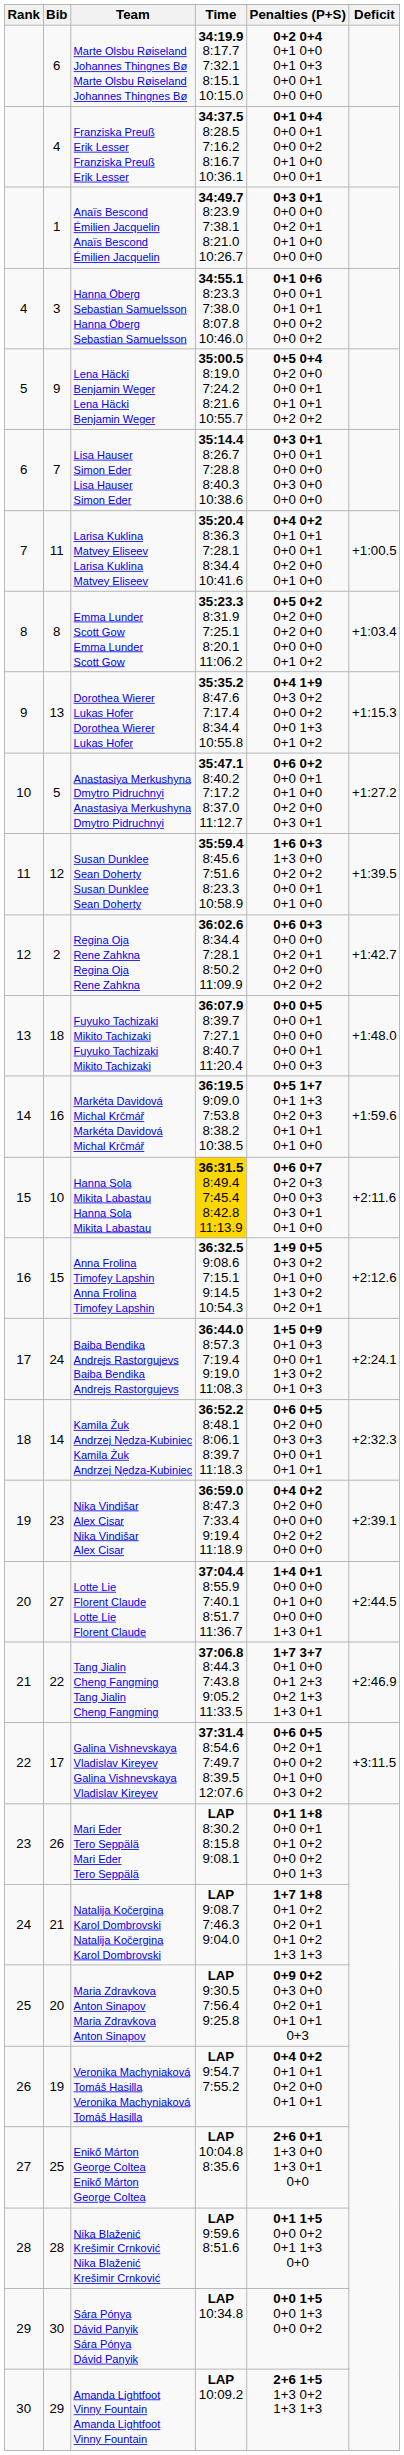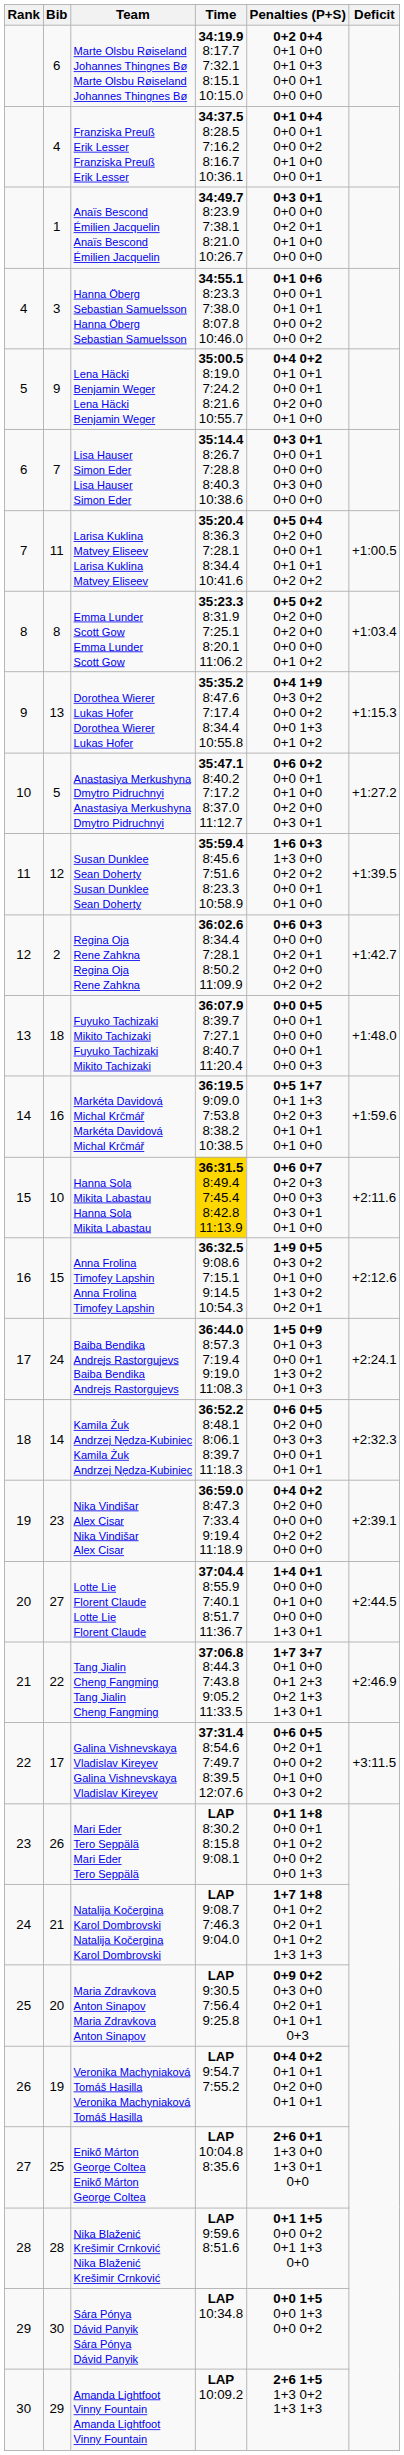 <table class="wikitable sortable" style="text-align:center">
 <tr>
 <th>Rank</th>
 <th>Bib</th>
 <th>Team</th>
 <th>Time</th>
 <th>Penalties (P+S)</th>
 <th>Deficit</th>
 </tr>
 <tr>
 <td></td>
 <td>6</td>
 <td align=left><br><small><a href='#'>Marte Olsbu Røiseland</a><br><a href='#'>Johannes Thingnes Bø</a><br><a href='#'>Marte Olsbu Røiseland</a><br><a href='#'>Johannes Thingnes Bø</a></small></td>
 <td><strong>34:19.9</strong><br>8:17.7<br>7:32.1<br>8:15.1<br>10:15.0</td>
 <td><strong>0+2 0+4</strong><br>0+1 0+0<br>0+1 0+3<br>0+0 0+1<br>0+0 0+0</td>
 <td></td>
 </tr>
 <tr>
 <td></td>
 <td>4</td>
 <td align=left><br><small><a href='#'>Franziska Preuß</a><br><a href='#'>Erik Lesser</a><br><a href='#'>Franziska Preuß</a><br><a href='#'>Erik Lesser</a></small></td>
 <td><strong>34:37.5</strong><br>8:28.5<br>7:16.2<br>8:16.7<br>10:36.1</td>
 <td><strong>0+1 0+4</strong><br>0+0 0+1<br>0+0 0+2<br>0+1 0+0<br>0+0 0+1</td>
 <td></td>
 </tr>
 <tr>
 <td></td>
 <td>1</td>
 <td align=left><br><small><a href='#'>Anaïs Bescond</a><br><a href='#'>Émilien Jacquelin</a><br><a href='#'>Anaïs Bescond</a><br><a href='#'>Émilien Jacquelin</a></small></td>
 <td><strong>34:49.7</strong><br>8:23.9<br>7:38.1<br>8:21.0<br>10:26.7</td>
 <td><strong>0+3 0+1</strong><br>0+0 0+0<br>0+2 0+1<br>0+1 0+0<br>0+0 0+0</td>
 <td></td>
 </tr>
 <tr>
 <td>4</td>
 <td>3</td>
 <td align=left><br><small><a href='#'>Hanna Öberg</a><br><a href='#'>Sebastian Samuelsson</a><br><a href='#'>Hanna Öberg</a><br><a href='#'>Sebastian Samuelsson</a></small></td>
 <td><strong>34:55.1</strong><br>8:23.3<br>7:38.0<br>8:07.8<br>10:46.0</td>
 <td><strong>0+1 0+6</strong><br>0+0 0+1<br>0+1 0+1<br>0+0 0+2<br>0+0 0+2</td>
 <td></td>
 </tr>
 <tr>
 <td>5</td>
 <td>9</td>
 <td align=left><br><small><a href='#'>Lena Häcki</a><br><a href='#'>Benjamin Weger</a><br><a href='#'>Lena Häcki</a><br><a href='#'>Benjamin Weger</a></small></td>
 <td><strong>35:00.5</strong><br>8:19.0<br>7:24.2<br>8:21.6<br>10:55.7</td>
-<td><strong>0+5 0+4</strong><br>0+2 0+0<br>0+0 0+1<br>0+1 0+1<br>0+2 0+2</td>
+<td><strong>0+4 0+2</strong><br>0+1 0+1<br>0+0 0+1<br>0+2 0+0<br>0+1 0+0</td>
 <td></td>
 </tr>
 <tr>
 <td>6</td>
 <td>7</td>
 <td align=left><br><small><a href='#'>Lisa Hauser</a><br><a href='#'>Simon Eder</a><br><a href='#'>Lisa Hauser</a><br><a href='#'>Simon Eder</a></small></td>
 <td><strong>35:14.4</strong><br>8:26.7<br>7:28.8<br>8:40.3<br>10:38.6</td>
 <td><strong>0+3 0+1</strong><br>0+0 0+1<br>0+0 0+0<br>0+3 0+0<br>0+0 0+0</td>
 <td></td>
 </tr>
 <tr>
 <td>7</td>
 <td>11</td>
 <td align=left><br><small><a href='#'>Larisa Kuklina</a><br><a href='#'>Matvey Eliseev</a><br><a href='#'>Larisa Kuklina</a><br><a href='#'>Matvey Eliseev</a></small></td>
 <td><strong>35:20.4</strong><br>8:36.3<br>7:28.1<br>8:34.4<br>10:41.6</td>
-<td><strong>0+4 0+2</strong><br>0+1 0+1<br>0+0 0+1<br>0+2 0+0<br>0+1 0+0</td>
+<td><strong>0+5 0+4</strong><br>0+2 0+0<br>0+0 0+1<br>0+1 0+1<br>0+2 0+2</td>
 <td>+1:00.5</td>
 </tr>
 <tr>
 <td>8</td>
 <td>8</td>
 <td align=left><br><small><a href='#'>Emma Lunder</a><br><a href='#'>Scott Gow</a><br><a href='#'>Emma Lunder</a><br><a href='#'>Scott Gow</a></small></td>
 <td><strong>35:23.3</strong><br>8:31.9<br>7:25.1<br>8:20.1<br>11:06.2</td>
 <td><strong>0+5 0+2</strong><br>0+2 0+0<br>0+2 0+0<br>0+0 0+0<br>0+1 0+2</td>
 <td>+1:03.4</td>
 </tr>
 <tr>
 <td>9</td>
 <td>13</td>
 <td align=left><br><small><a href='#'>Dorothea Wierer</a><br><a href='#'>Lukas Hofer</a><br><a href='#'>Dorothea Wierer</a><br><a href='#'>Lukas Hofer</a></small></td>
 <td><strong>35:35.2</strong><br>8:47.6<br>7:17.4<br>8:34.4<br>10:55.8</td>
 <td><strong>0+4 1+9</strong><br>0+3 0+2<br>0+0 0+2<br>0+0 1+3<br>0+1 0+2</td>
 <td>+1:15.3</td>
 </tr>
 <tr>
 <td>10</td>
 <td>5</td>
 <td align=left><br><small><a href='#'>Anastasiya Merkushyna</a><br><a href='#'>Dmytro Pidruchnyi</a><br><a href='#'>Anastasiya Merkushyna</a><br><a href='#'>Dmytro Pidruchnyi</a></small></td>
 <td><strong>35:47.1</strong><br>8:40.2<br>7:17.2<br>8:37.0<br>11:12.7</td>
 <td><strong>0+6 0+2</strong><br>0+0 0+1<br>0+1 0+0<br>0+2 0+0<br>0+3 0+1</td>
 <td>+1:27.2</td>
 </tr>
 <tr>
 <td>11</td>
 <td>12</td>
 <td align=left><br><small><a href='#'>Susan Dunklee</a><br><a href='#'>Sean Doherty</a><br><a href='#'>Susan Dunklee</a><br><a href='#'>Sean Doherty</a></small></td>
 <td><strong>35:59.4</strong><br>8:45.6<br>7:51.6<br>8:23.3<br>10:58.9</td>
 <td><strong>1+6 0+3</strong><br>1+3 0+0<br>0+2 0+2<br>0+0 0+1<br>0+1 0+0</td>
 <td>+1:39.5</td>
 </tr>
 <tr>
 <td>12</td>
 <td>2</td>
 <td align=left><br><small><a href='#'>Regina Oja</a><br><a href='#'>Rene Zahkna</a><br><a href='#'>Regina Oja</a><br><a href='#'>Rene Zahkna</a></small></td>
 <td><strong>36:02.6</strong><br>8:34.4<br>7:28.1<br>8:50.2<br>11:09.9</td>
 <td><strong>0+6 0+3</strong><br>0+0 0+0<br>0+2 0+1<br>0+2 0+0<br>0+2 0+2</td>
 <td>+1:42.7</td>
 </tr>
 <tr>
 <td>13</td>
 <td>18</td>
 <td align=left><br><small><a href='#'>Fuyuko Tachizaki</a><br><a href='#'>Mikito Tachizaki</a><br><a href='#'>Fuyuko Tachizaki</a><br><a href='#'>Mikito Tachizaki</a></small></td>
 <td><strong>36:07.9</strong><br>8:39.7<br>7:27.1<br>8:40.7<br>11:20.4</td>
 <td><strong>0+0 0+5</strong><br>0+0 0+1<br>0+0 0+0<br>0+0 0+1<br>0+0 0+3</td>
 <td>+1:48.0</td>
 </tr>
 <tr>
 <td>14</td>
 <td>16</td>
 <td align=left><br><small><a href='#'>Markéta Davidová</a><br><a href='#'>Michal Krčmář</a><br><a href='#'>Markéta Davidová</a><br><a href='#'>Michal Krčmář</a></small></td>
 <td><strong>36:19.5</strong><br>9:09.0<br>7:53.8<br>8:38.2<br>10:38.5</td>
 <td><strong>0+5 1+7</strong><br>0+1 1+3<br>0+2 0+3<br>0+1 0+1<br>0+1 0+0</td>
 <td>+1:59.6</td>
 </tr>
 <tr>
 <td>15</td>
 <td>10</td>
 <td align=left><br><small><a href='#'>Hanna Sola</a><br><a href='#'>Mikita Labastau</a><br><a href='#'>Hanna Sola</a><br><a href='#'>Mikita Labastau</a></small></td>
 <td style="background: gold;"><strong>36:31.5</strong><br>8:49.4<br>7:45.4<br>8:42.8<br>11:13.9</td>
 <td><strong>0+6 0+7</strong><br>0+2 0+3<br>0+0 0+3<br>0+3 0+1<br>0+1 0+0</td>
 <td>+2:11.6</td>
 </tr>
 <tr>
 <td>16</td>
 <td>15</td>
 <td align=left><br><small><a href='#'>Anna Frolina</a><br><a href='#'>Timofey Lapshin</a><br><a href='#'>Anna Frolina</a><br><a href='#'>Timofey Lapshin</a></small></td>
 <td><strong>36:32.5</strong><br>9:08.6<br>7:15.1<br>9:14.5<br>10:54.3</td>
 <td><strong>1+9 0+5</strong><br>0+3 0+2<br>0+1 0+0<br>1+3 0+2<br>0+2 0+1</td>
 <td>+2:12.6</td>
 </tr>
 <tr>
 <td>17</td>
 <td>24</td>
 <td align=left><br><small><a href='#'>Baiba Bendika</a><br><a href='#'>Andrejs Rastorgujevs</a><br><a href='#'>Baiba Bendika</a><br><a href='#'>Andrejs Rastorgujevs</a></small></td>
 <td><strong>36:44.0</strong><br>8:57.3<br>7:19.4<br>9:19.0<br>11:08.3</td>
 <td><strong>1+5 0+9</strong><br>0+1 0+3<br>0+0 0+1<br>1+3 0+2<br>0+1 0+3</td>
 <td>+2:24.1</td>
 </tr>
 <tr>
 <td>18</td>
 <td>14</td>
 <td align=left><br><small><a href='#'>Kamila Żuk</a><br><a href='#'>Andrzej Nędza-Kubiniec</a><br><a href='#'>Kamila Żuk</a><br><a href='#'>Andrzej Nędza-Kubiniec</a></small></td>
 <td><strong>36:52.2</strong><br>8:48.1<br>8:06.1<br>8:39.7<br>11:18.3</td>
 <td><strong>0+6 0+5</strong><br>0+2 0+0<br>0+3 0+3<br>0+0 0+1<br>0+1 0+1</td>
 <td>+2:32.3</td>
 </tr>
 <tr>
 <td>19</td>
 <td>23</td>
 <td align=left><br><small><a href='#'>Nika Vindišar</a><br><a href='#'>Alex Cisar</a><br><a href='#'>Nika Vindišar</a><br><a href='#'>Alex Cisar</a></small></td>
 <td><strong>36:59.0</strong><br>8:47.3<br>7:33.4<br>9:19.4<br>11:18.9</td>
 <td><strong>0+4 0+2</strong><br>0+2 0+0<br>0+0 0+0<br>0+2 0+2<br>0+0 0+0</td>
 <td>+2:39.1</td>
 </tr>
 <tr>
 <td>20</td>
 <td>27</td>
 <td align=left><br><small><a href='#'>Lotte Lie</a><br><a href='#'>Florent Claude</a><br><a href='#'>Lotte Lie</a><br><a href='#'>Florent Claude</a></small></td>
 <td><strong>37:04.4</strong><br>8:55.9<br>7:40.1<br>8:51.7<br>11:36.7</td>
 <td><strong>1+4 0+1</strong><br>0+0 0+0<br>0+1 0+0<br>0+0 0+0<br>1+3 0+1</td>
 <td>+2:44.5</td>
 </tr>
 <tr>
 <td>21</td>
 <td>22</td>
 <td align=left><br><small><a href='#'>Tang Jialin</a><br><a href='#'>Cheng Fangming</a><br><a href='#'>Tang Jialin</a><br><a href='#'>Cheng Fangming</a></small></td>
 <td><strong>37:06.8</strong><br>8:44.3<br>7:43.8<br>9:05.2<br>11:33.5</td>
 <td><strong>1+7 3+7</strong><br>0+1 0+0<br>0+1 2+3<br>0+2 1+3<br>1+3 0+1</td>
 <td>+2:46.9</td>
 </tr>
 <tr>
 <td>22</td>
 <td>17</td>
 <td align=left><br><small><a href='#'>Galina Vishnevskaya</a><br><a href='#'>Vladislav Kireyev</a><br><a href='#'>Galina Vishnevskaya</a><br><a href='#'>Vladislav Kireyev</a></small></td>
 <td><strong>37:31.4</strong><br>8:54.6<br>7:49.7<br>8:39.5<br>12:07.6</td>
 <td><strong>0+6 0+5</strong><br>0+2 0+1<br>0+0 0+2<br>0+1 0+0<br>0+3 0+2</td>
 <td>+3:11.5</td>
 </tr>
 <tr>
 <td>23</td>
 <td>26</td>
 <td align=left><br><small><a href='#'>Mari Eder</a><br><a href='#'>Tero Seppälä</a><br><a href='#'>Mari Eder</a><br><a href='#'>Tero Seppälä</a></small></td>
 <td valign=top><strong>LAP</strong><br>8:30.2<br>8:15.8<br>9:08.1</td>
 <td><strong>0+1 1+8</strong><br>0+0 0+1<br>0+1 0+2<br>0+0 0+2<br>0+0 1+3</td>
 <td rowspan=8></td>
 </tr>
 <tr>
 <td>24</td>
 <td>21</td>
 <td align=left><br><small><a href='#'>Natalija Kočergina</a><br><a href='#'>Karol Dombrovski</a><br><a href='#'>Natalija Kočergina</a><br><a href='#'>Karol Dombrovski</a></small></td>
 <td valign=top><strong>LAP</strong><br>9:08.7<br>7:46.3<br>9:04.0</td>
 <td><strong>1+7 1+8</strong><br>0+1 0+2<br>0+2 0+1<br>0+1 0+2<br>1+3 1+3</td>
 </tr>
 <tr>
 <td>25</td>
 <td>20</td>
 <td align=left><br><small><a href='#'>Maria Zdravkova</a><br><a href='#'>Anton Sinapov</a><br><a href='#'>Maria Zdravkova</a><br><a href='#'>Anton Sinapov</a></small></td>
 <td valign=top><strong>LAP</strong><br>9:30.5<br>7:56.4<br>9:25.8</td>
 <td><strong>0+9 0+2</strong><br>0+3 0+0<br>0+2 0+1<br>0+1 0+1<br>0+3</td>
 </tr>
 <tr>
 <td>26</td>
 <td>19</td>
 <td align=left><br><small><a href='#'>Veronika Machyniaková</a><br><a href='#'>Tomáš Hasilla</a><br><a href='#'>Veronika Machyniaková</a><br><a href='#'>Tomáš Hasilla</a></small></td>
 <td valign=top><strong>LAP</strong><br>9:54.7<br>7:55.2</td>
 <td valign=top><strong>0+4 0+2</strong><br>0+1 0+1<br>0+2 0+0<br>0+1 0+1</td>
 </tr>
 <tr>
 <td>27</td>
 <td>25</td>
 <td align=left><br><small><a href='#'>Enikő Márton</a><br><a href='#'>George Coltea</a><br><a href='#'>Enikő Márton</a><br><a href='#'>George Coltea</a></small></td>
 <td valign=top><strong>LAP</strong><br>10:04.8<br>8:35.6</td>
 <td valign=top><strong>2+6 0+1</strong><br>1+3 0+0<br>1+3 0+1<br>0+0</td>
 </tr>
 <tr>
 <td>28</td>
 <td>28</td>
 <td align=left><br><small><a href='#'>Nika Blaženić</a><br><a href='#'>Krešimir Crnković</a><br><a href='#'>Nika Blaženić</a><br><a href='#'>Krešimir Crnković</a></small></td>
 <td valign=top><strong>LAP</strong><br>9:59.6<br>8:51.6</td>
 <td valign=top><strong>0+1 1+5</strong><br>0+0 0+2<br>0+1 1+3<br>0+0</td>
 </tr>
 <tr>
 <td>29</td>
 <td>30</td>
 <td align=left><br><small><a href='#'>Sára Pónya</a><br><a href='#'>Dávid Panyik</a><br><a href='#'>Sára Pónya</a><br><a href='#'>Dávid Panyik</a></small></td>
 <td valign=top><strong>LAP</strong><br>10:34.8</td>
 <td valign=top><strong>0+0 1+5</strong><br>0+0 1+3<br>0+0 0+2</td>
 </tr>
 <tr>
 <td>30</td>
 <td>29</td>
 <td align=left><br><small><a href='#'>Amanda Lightfoot</a><br><a href='#'>Vinny Fountain</a><br><a href='#'>Amanda Lightfoot</a><br><a href='#'>Vinny Fountain</a></small></td>
 <td valign=top><strong>LAP</strong><br>10:09.2</td>
 <td valign=top><strong>2+6 1+5</strong><br>1+3 0+2<br>1+3 1+3</td>
 </tr>
 </table>
